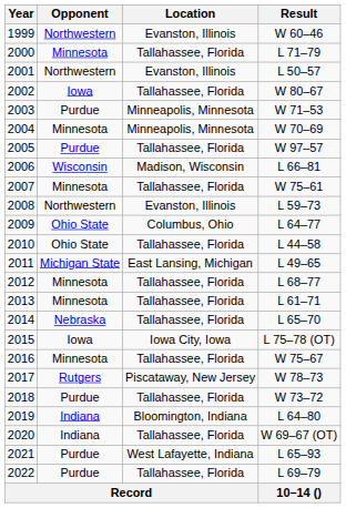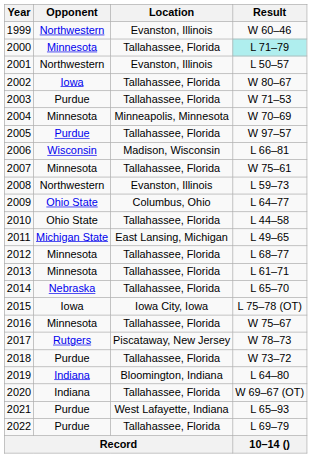 <table class="wikitable" style="text-align:center">
 <tr>
 <th>Year</th>
 <th>Opponent</th>
 <th>Location</th>
 <th>Result</th>
 </tr>
 <tr align="center">
 <td>1999</td>
 <td><a href='#'>Northwestern</a></td>
 <td>Evanston, Illinois</td>
 <td>W 60–46</td>
 </tr>
 <tr align="center">
 <td>2000</td>
 <td><a href='#'>Minnesota</a></td>
 <td>Tallahassee, Florida</td>
-<td>L 71–79</td>
+<td style="background: paleturquoise;">L 71–79</td>
 </tr>
 <tr align="center">
 <td>2001</td>
 <td>Northwestern</td>
 <td>Evanston, Illinois</td>
 <td>L 50–57</td>
 </tr>
 <tr align="center">
 <td>2002</td>
 <td><a href='#'>Iowa</a></td>
 <td>Tallahassee, Florida</td>
 <td>W 80–67</td>
 </tr>
 <tr align="center">
 <td>2003</td>
 <td>Purdue</td>
-<td>Minneapolis, Minnesota</td>
+<td>Tallahassee, Florida</td>
 <td>W 71–53</td>
 </tr>
 <tr align="center">
 <td>2004</td>
 <td>Minnesota</td>
 <td>Minneapolis, Minnesota</td>
 <td>W 70–69</td>
 </tr>
 <tr align="center">
 <td>2005</td>
 <td><a href='#'>Purdue</a></td>
 <td>Tallahassee, Florida</td>
 <td>W 97–57</td>
 </tr>
 <tr align="center">
 <td>2006</td>
 <td><a href='#'>Wisconsin</a></td>
 <td>Madison, Wisconsin</td>
 <td>L 66–81</td>
 </tr>
 <tr align="center">
 <td>2007</td>
 <td>Minnesota</td>
 <td>Tallahassee, Florida</td>
 <td>W 75–61</td>
 </tr>
 <tr align="center">
 <td>2008</td>
 <td>Northwestern</td>
 <td>Evanston, Illinois</td>
 <td>L 59–73</td>
 </tr>
 <tr align="center">
 <td>2009</td>
 <td><a href='#'>Ohio State</a></td>
 <td>Columbus, Ohio</td>
 <td>L 64–77</td>
 </tr>
 <tr align="center">
 <td>2010</td>
 <td>Ohio State</td>
 <td>Tallahassee, Florida</td>
 <td>L 44–58</td>
 </tr>
 <tr align="center">
 <td>2011</td>
 <td><a href='#'>Michigan State</a></td>
 <td>East Lansing, Michigan</td>
 <td>L 49–65</td>
 </tr>
 <tr align="center">
 <td>2012</td>
 <td>Minnesota</td>
 <td>Tallahassee, Florida</td>
 <td>L 68–77</td>
 </tr>
 <tr align="center">
 <td>2013</td>
 <td>Minnesota</td>
 <td>Tallahassee, Florida</td>
 <td>L 61–71</td>
 </tr>
 <tr align="center">
 <td>2014</td>
 <td><a href='#'>Nebraska</a></td>
 <td>Tallahassee, Florida</td>
 <td>L 65–70</td>
 </tr>
 <tr align="center">
 <td>2015</td>
 <td>Iowa</td>
 <td>Iowa City, Iowa</td>
 <td>L 75–78 (OT)</td>
 </tr>
 <tr align="center">
 <td>2016</td>
 <td>Minnesota</td>
 <td>Tallahassee, Florida</td>
 <td>W 75–67</td>
 </tr>
 <tr align="center">
 <td>2017</td>
 <td><a href='#'>Rutgers</a></td>
 <td>Piscataway, New Jersey</td>
 <td>W 78–73</td>
 </tr>
 <tr align="center">
 <td>2018</td>
 <td>Purdue</td>
 <td>Tallahassee, Florida</td>
 <td>W 73–72</td>
 </tr>
 <tr align="center">
 <td>2019</td>
 <td><a href='#'>Indiana</a></td>
 <td>Bloomington, Indiana</td>
 <td>L 64–80</td>
 </tr>
 <tr align="center">
 <td>2020</td>
 <td>Indiana</td>
 <td>Tallahassee, Florida</td>
 <td>W 69–67 (OT)</td>
 </tr>
 <tr align="center">
 <td>2021</td>
 <td>Purdue</td>
 <td>West Lafayette, Indiana</td>
 <td>L 65–93</td>
 </tr>
 <tr align="center">
 <td>2022</td>
 <td>Purdue</td>
 <td>Tallahassee, Florida</td>
 <td>L 69–79</td>
 </tr>
 <tr style="text-align:center;" class="sortbottom">
 <th colspan="3;">Record</th>
 <th colspan="1;">10–14 ()</th>
 </tr>
 </table>
